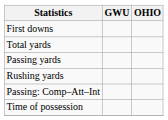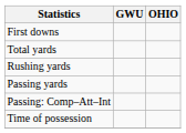 <table class="wikitable" style="float: left;">
 <tr>
 <th>Statistics</th>
 <th>GWU</th>
 <th>OHIO</th>
 </tr>
 <tr>
 <td>First downs</td>
 <td></td>
 <td></td>
 </tr>
 <tr>
 <td>Total yards</td>
 <td></td>
 <td></td>
 </tr>
 <tr>
-<td>Passing yards</td>
+<td>Rushing yards</td>
 <td></td>
 <td></td>
 </tr>
 <tr>
-<td>Rushing yards</td>
+<td>Passing yards</td>
 <td></td>
 <td></td>
 </tr>
 <tr>
 <td>Passing: Comp–Att–Int</td>
 <td></td>
 <td></td>
 </tr>
 <tr>
 <td>Time of possession</td>
 <td></td>
 <td></td>
 </tr>
 <tr>
 </tr>
 </table>
